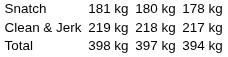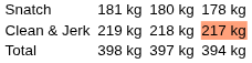 <table>
 <tr>
 <td>Snatch</td>
 <td></td>
 <td>181 kg</td>
 <td></td>
 <td>180 kg</td>
 <td></td>
 <td>178 kg</td>
 </tr>
 <tr>
 <td>Clean & Jerk</td>
 <td></td>
 <td>219 kg</td>
 <td></td>
 <td>218 kg</td>
 <td></td>
-<td>217 kg</td>
+<td style="background: lightsalmon;">217 kg</td>
 </tr>
 <tr>
 <td>Total</td>
 <td></td>
 <td>398 kg</td>
 <td></td>
 <td>397 kg</td>
 <td></td>
 <td>394 kg</td>
 </tr>
 </table>
